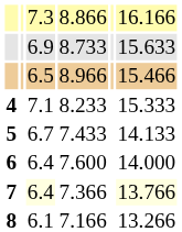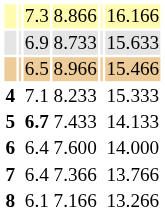 <table>
 <tr style="background: #fffcaf">
 <th scope=row style="text-align:center"></th>
 <td align=left></td>
 <td>7.3</td>
 <td>8.866</td>
 <td></td>
 <td>16.166</td>
 </tr>
 <tr style="background: #e5e5e5">
 <th scope=row style="text-align:center"></th>
 <td align=left></td>
 <td>6.9</td>
 <td>8.733</td>
 <td></td>
 <td>15.633</td>
 </tr>
 <tr style="background: #eecc99">
 <th scope=row style="text-align:center"></th>
 <td align=left></td>
 <td>6.5</td>
 <td>8.966</td>
 <td></td>
 <td>15.466</td>
 </tr>
 <tr>
 <th scope=row style="text-align:center">4</th>
 <td align=left></td>
 <td>7.1</td>
 <td>8.233</td>
 <td></td>
 <td>15.333</td>
 </tr>
 <tr>
 <th scope=row style="text-align:center">5</th>
 <td align=left></td>
-<td>6.7</td>
+<td><strong>6.7</strong></td>
 <td>7.433</td>
 <td></td>
 <td>14.133</td>
 </tr>
 <tr>
 <th scope=row style="text-align:center">6</th>
 <td align=left></td>
 <td>6.4</td>
 <td>7.600</td>
 <td></td>
 <td>14.000</td>
 </tr>
 <tr>
 <th scope=row style="text-align:center">7</th>
 <td align=left></td>
-<td style="background: lightyellow;">6.4</td>
+<td>6.4</td>
 <td>7.366</td>
 <td></td>
-<td style="background: lightyellow;">13.766</td>
+<td>13.766</td>
 </tr>
 <tr>
 <th scope=row style="text-align:center">8</th>
 <td align=left></td>
 <td>6.1</td>
 <td>7.166</td>
 <td></td>
 <td>13.266</td>
 </tr>
 <tr>
 </tr>
 </table>
